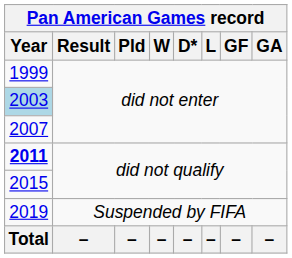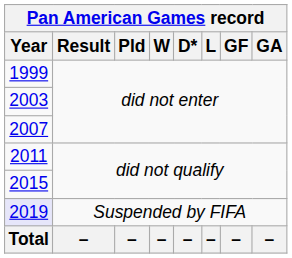 <table class="wikitable" style="text-align: center;">
 <tr>
 <th colspan=8><a href='#'>Pan American Games</a> record</th>
 </tr>
 <tr>
 <th>Year</th>
 <th>Result</th>
 <th>Pld</th>
 <th>W</th>
 <th>D*</th>
 <th>L</th>
 <th>GF</th>
 <th>GA</th>
 </tr>
 <tr>
 <td> <a href='#'>1999</a></td>
 <td colspan=7 rowspan=3><em>did not enter</em></td>
 </tr>
 <tr>
-<td style="background: lightblue;"> <a href='#'>2003</a></td>
+<td> <a href='#'>2003</a></td>
 </tr>
 <tr>
 <td> <a href='#'>2007</a></td>
 </tr>
 <tr>
-<td><strong> <a href='#'>2011</a></strong></td>
+<td> <a href='#'>2011</a></td>
 <td colspan=7 rowspan=2><em>did not qualify</em></td>
 </tr>
 <tr>
 <td> <a href='#'>2015</a></td>
 </tr>
 <tr>
-<td> <a href='#'>2019</a></td>
+<td style="background: lavender;"> <a href='#'>2019</a></td>
 <td colspan=7><em>Suspended by FIFA</em></td>
 </tr>
 <tr>
 <th>Total</th>
 <th>–</th>
 <th>–</th>
 <th>–</th>
 <th>–</th>
 <th>–</th>
 <th>–</th>
 <th>–</th>
 </tr>
 </table>
